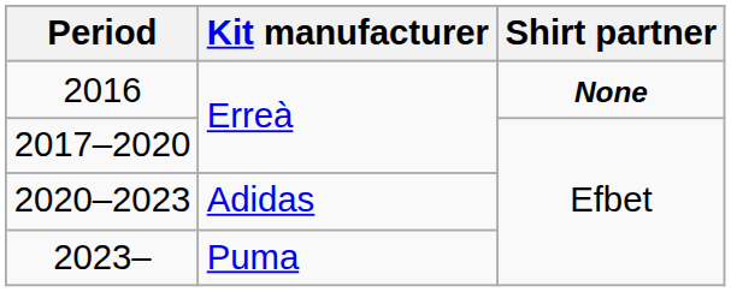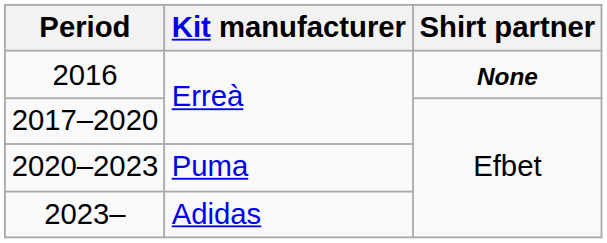 <table class="wikitable" style="text-align: center">
 <tr>
 <th>Period</th>
 <th><a href='#'>Kit</a> manufacturer</th>
 <th>Shirt partner</th>
 </tr>
 <tr>
 <td>2016</td>
 <td align="Left" rowspan=2> <a href='#'>Erreà</a></td>
 <td><strong><small><em>None</em></small></strong></td>
 </tr>
 <tr>
 <td>2017–2020</td>
 <td align="Center" rowspan=3>Efbet</td>
 </tr>
 <tr>
 <td>2020–2023</td>
-<td align="Left" rowspan=1> <a href='#'>Adidas</a></td>
+<td align="Left" rowspan=1> <a href='#'>Puma</a></td>
 </tr>
 <tr>
 <td>2023–</td>
-<td align="Left" rowspan=1> <a href='#'>Puma</a></td>
+<td align="Left" rowspan=1> <a href='#'>Adidas</a></td>
 </tr>
 </table>
